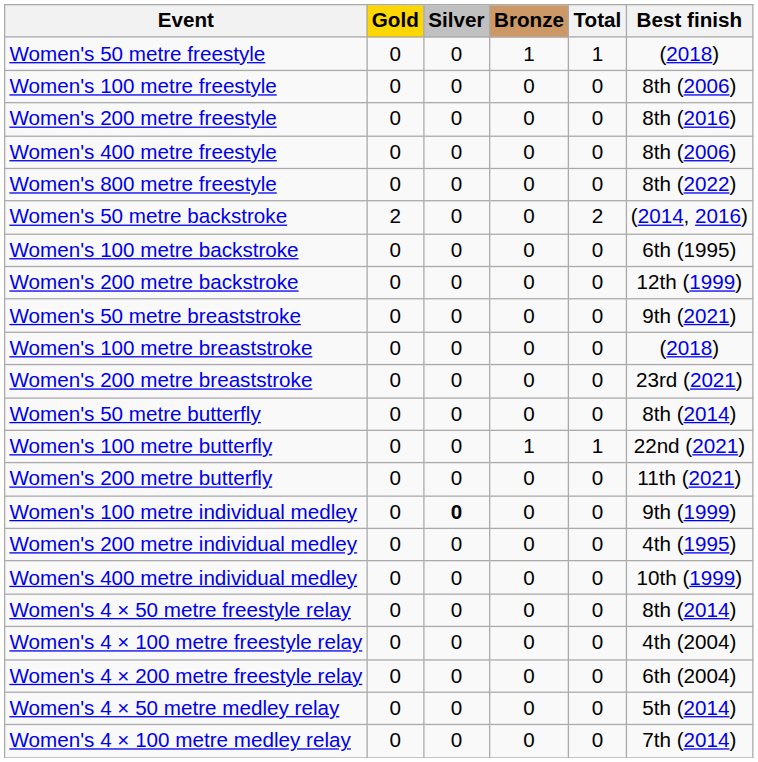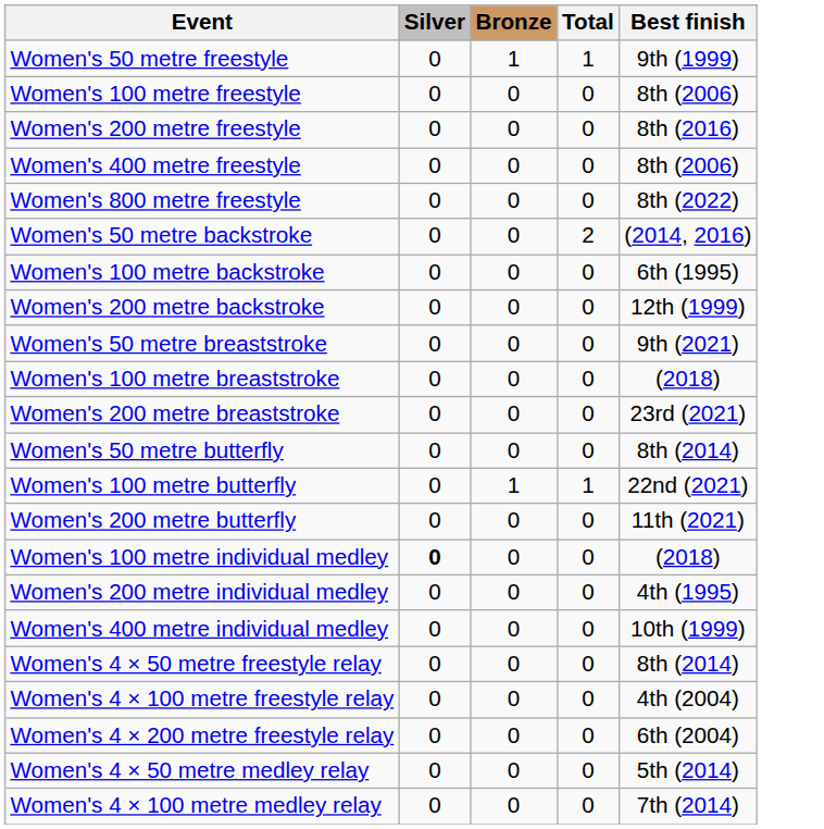 <table class="wikitable sortable" style="text-align:center">
 <tr>
 <th>Event</th>
-<th style="background-color:gold;">Gold</th>
 <th style="background-color:silver;">Silver</th>
 <th style="background-color:#c96;">Bronze</th>
 <th>Total</th>
 <th>Best finish</th>
 </tr>
 <tr>
 <td align=left><a href='#'>Women's 50 metre freestyle</a></td>
 <td>0</td>
-<td>0</td>
 <td>1</td>
 <td>1</td>
-<td> (<a href='#'>2018</a>)</td>
+<td>9th (<a href='#'>1999</a>)</td>
 </tr>
 <tr>
 <td align=left><a href='#'>Women's 100 metre freestyle</a></td>
-<td>0</td>
 <td>0</td>
 <td>0</td>
 <td>0</td>
 <td>8th (<a href='#'>2006</a>) </td>
 </tr>
 <tr>
 <td align=left><a href='#'>Women's 200 metre freestyle</a></td>
 <td>0</td>
 <td>0</td>
 <td>0</td>
-<td>0</td>
 <td>8th (<a href='#'>2016</a>)</td>
 </tr>
 <tr>
 <td align=left><a href='#'>Women's 400 metre freestyle</a></td>
-<td>0</td>
 <td>0</td>
 <td>0</td>
 <td>0</td>
 <td>8th (<a href='#'>2006</a>)</td>
 </tr>
 <tr>
 <td align=left><a href='#'>Women's 800 metre freestyle</a></td>
 <td>0</td>
 <td>0</td>
 <td>0</td>
-<td>0</td>
 <td>8th (<a href='#'>2022</a>)</td>
 </tr>
 <tr>
 <td align=left><a href='#'>Women's 50 metre backstroke</a></td>
-<td>2</td>
 <td>0</td>
 <td>0</td>
 <td>2</td>
 <td> (<a href='#'>2014</a>, <a href='#'>2016</a>)</td>
 </tr>
 <tr>
 <td align=left><a href='#'>Women's 100 metre backstroke</a></td>
 <td>0</td>
 <td>0</td>
 <td>0</td>
-<td>0</td>
 <td>6th (1995)</td>
 </tr>
 <tr>
 <td align=left><a href='#'>Women's 200 metre backstroke</a></td>
-<td>0</td>
 <td>0</td>
 <td>0</td>
 <td>0</td>
 <td>12th (<a href='#'>1999</a>)</td>
 </tr>
 <tr>
 <td align=left><a href='#'>Women's 50 metre breaststroke</a></td>
 <td>0</td>
 <td>0</td>
 <td>0</td>
-<td>0</td>
 <td>9th (<a href='#'>2021</a>)</td>
 </tr>
 <tr>
 <td align=left><a href='#'>Women's 100 metre breaststroke</a></td>
-<td>0</td>
 <td>0</td>
 <td>0</td>
 <td>0</td>
 <td> (<a href='#'>2018</a>)</td>
 </tr>
 <tr>
 <td align=left><a href='#'>Women's 200 metre breaststroke</a></td>
 <td>0</td>
 <td>0</td>
 <td>0</td>
-<td>0</td>
 <td>23rd (<a href='#'>2021</a>)</td>
 </tr>
 <tr>
 <td align=left><a href='#'>Women's 50 metre butterfly</a></td>
 <td>0</td>
 <td>0</td>
 <td>0</td>
-<td>0</td>
 <td>8th (<a href='#'>2014</a>)</td>
 </tr>
 <tr>
 <td align=left><a href='#'>Women's 100 metre butterfly</a></td>
-<td>0</td>
 <td>0</td>
 <td>1</td>
 <td>1</td>
 <td>22nd (<a href='#'>2021</a>)</td>
 </tr>
 <tr>
 <td align=left><a href='#'>Women's 200 metre butterfly</a></td>
 <td>0</td>
 <td>0</td>
 <td>0</td>
-<td>0</td>
 <td>11th (<a href='#'>2021</a>)</td>
 </tr>
 <tr>
 <td align=left><a href='#'>Women's 100 metre individual medley</a></td>
-<td>0</td>
 <td><strong>0</strong></td>
 <td>0</td>
 <td>0</td>
-<td>9th (<a href='#'>1999</a>)</td>
+<td> (<a href='#'>2018</a>)</td>
 </tr>
 <tr>
 <td align=left><a href='#'>Women's 200 metre individual medley</a></td>
-<td>0</td>
 <td>0</td>
 <td>0</td>
 <td>0</td>
 <td>4th (<a href='#'>1995</a>)</td>
 </tr>
 <tr>
 <td align=left><a href='#'>Women's 400 metre individual medley</a></td>
 <td>0</td>
 <td>0</td>
 <td>0</td>
-<td>0</td>
 <td>10th (<a href='#'>1999</a>)</td>
 </tr>
 <tr>
 <td align=left><a href='#'>Women's 4 × 50 metre freestyle relay</a></td>
-<td>0</td>
 <td>0</td>
 <td>0</td>
 <td>0</td>
 <td>8th (<a href='#'>2014</a>)</td>
 </tr>
 <tr>
 <td align=left><a href='#'>Women's 4 × 100 metre freestyle relay</a></td>
 <td>0</td>
 <td>0</td>
 <td>0</td>
-<td>0</td>
 <td>4th (2004)</td>
 </tr>
 <tr>
 <td align=left><a href='#'>Women's 4 × 200 metre freestyle relay</a></td>
-<td>0</td>
 <td>0</td>
 <td>0</td>
 <td>0</td>
 <td>6th (2004)</td>
 </tr>
 <tr>
 <td align=left><a href='#'>Women's 4 × 50 metre medley relay</a></td>
 <td>0</td>
 <td>0</td>
 <td>0</td>
-<td>0</td>
 <td>5th (<a href='#'>2014</a>)</td>
 </tr>
 <tr>
 <td align=left><a href='#'>Women's 4 × 100 metre medley relay</a></td>
 <td>0</td>
 <td>0</td>
 <td>0</td>
-<td>0</td>
 <td>7th (<a href='#'>2014</a>)</td>
 </tr>
 </table>
